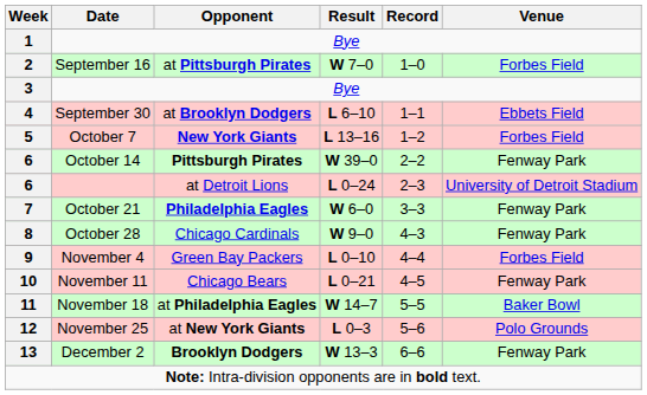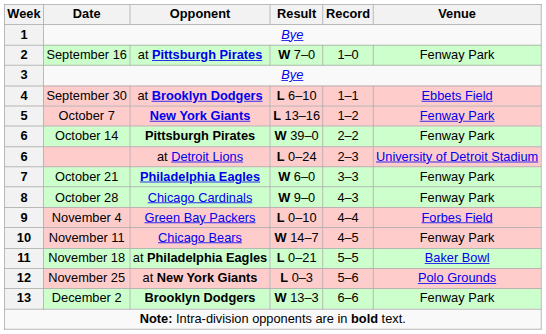 <table class="wikitable" style="text-align:center">
 <tr>
 <th>Week</th>
 <th>Date</th>
 <th>Opponent</th>
 <th>Result</th>
 <th>Record</th>
 <th>Venue</th>
 </tr>
 <tr>
 <th>1</th>
 <td colspan="6"><em><a href='#'>Bye</a></em></td>
 </tr>
 <tr style="background:#cfc">
 <th>2</th>
 <td>September 16</td>
 <td>at <strong><a href='#'>Pittsburgh Pirates</a></strong></td>
 <td><strong>W</strong> 7–0</td>
 <td>1–0</td>
-<td><a href='#'>Forbes Field</a></td>
+<td>Fenway Park</td>
 </tr>
 <tr>
 <th>3</th>
 <td colspan="6"><em><a href='#'>Bye</a></em></td>
 </tr>
 <tr style="background:#fcc">
 <th>4</th>
 <td>September 30</td>
 <td>at <strong><a href='#'>Brooklyn Dodgers</a></strong></td>
 <td><strong>L</strong> 6–10</td>
 <td>1–1</td>
 <td><a href='#'>Ebbets Field</a></td>
 </tr>
 <tr style="background:#fcc">
 <th>5</th>
 <td>October 7</td>
 <td><strong><a href='#'>New York Giants</a></strong></td>
 <td><strong>L</strong> 13–16</td>
 <td>1–2</td>
-<td><a href='#'>Forbes Field</a></td>
+<td><a href='#'>Fenway Park</a></td>
 </tr>
 <tr style="background:#cfc">
 <th>6</th>
 <td>October 14</td>
 <td><strong>Pittsburgh Pirates</strong></td>
 <td><strong>W</strong> 39–0</td>
 <td>2–2</td>
 <td>Fenway Park</td>
 </tr>
 <tr style="background:#fcc">
 <th>6</th>
 <td></td>
 <td>at <a href='#'>Detroit Lions</a></td>
 <td><strong>L</strong> 0–24</td>
 <td>2–3</td>
 <td><a href='#'>University of Detroit Stadium</a></td>
 </tr>
 <tr style="background:#cfc">
 <th>7</th>
 <td>October 21</td>
 <td><strong><a href='#'>Philadelphia Eagles</a></strong></td>
 <td><strong>W</strong> 6–0</td>
 <td>3–3</td>
 <td>Fenway Park</td>
 </tr>
 <tr style="background:#cfc">
 <th>8</th>
 <td>October 28</td>
 <td><a href='#'>Chicago Cardinals</a></td>
 <td><strong>W</strong> 9–0</td>
 <td>4–3</td>
 <td>Fenway Park</td>
 </tr>
 <tr style="background:#fcc">
 <th>9</th>
 <td>November 4</td>
 <td><a href='#'>Green Bay Packers</a></td>
 <td><strong>L</strong> 0–10</td>
 <td>4–4</td>
 <td><a href='#'>Forbes Field</a></td>
 </tr>
 <tr style="background:#fcc">
 <th>10</th>
 <td>November 11</td>
 <td><a href='#'>Chicago Bears</a></td>
-<td><strong>L</strong> 0–21</td>
+<td><strong>W</strong> 14–7</td>
 <td>4–5</td>
 <td>Fenway Park</td>
 </tr>
 <tr style="background:#cfc">
 <th>11</th>
 <td>November 18</td>
 <td>at <strong>Philadelphia Eagles</strong></td>
-<td><strong>W</strong> 14–7</td>
+<td><strong>L</strong> 0–21</td>
 <td>5–5</td>
 <td><a href='#'>Baker Bowl</a></td>
 </tr>
 <tr style="background:#fcc">
 <th>12</th>
 <td>November 25</td>
 <td>at <strong>New York Giants</strong></td>
 <td><strong>L</strong> 0–3</td>
 <td>5–6</td>
 <td><a href='#'>Polo Grounds</a></td>
 </tr>
 <tr style="background:#cfc">
 <th>13</th>
 <td>December 2</td>
 <td><strong>Brooklyn Dodgers</strong></td>
 <td><strong>W</strong> 13–3</td>
 <td>6–6</td>
 <td>Fenway Park</td>
 </tr>
 <tr>
 <td colspan="8"><strong>Note:</strong> Intra-division opponents are in <strong>bold</strong> text.</td>
 </tr>
 </table>
